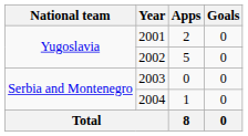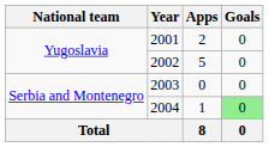 <table class="wikitable" style="text-align:center">
 <tr>
 <th>National team</th>
 <th>Year</th>
 <th>Apps</th>
 <th>Goals</th>
 </tr>
 <tr>
 <td rowspan="2"><a href='#'>Yugoslavia</a></td>
 <td>2001</td>
 <td>2</td>
 <td>0</td>
 </tr>
 <tr>
 <td>2002</td>
 <td>5</td>
 <td>0</td>
 </tr>
 <tr>
 <td rowspan="2"><a href='#'>Serbia and Montenegro</a></td>
 <td>2003</td>
 <td>0</td>
 <td>0</td>
 </tr>
 <tr>
 <td>2004</td>
 <td>1</td>
-<td>0</td>
+<td style="background: lightgreen;">0</td>
 </tr>
 <tr>
 <th colspan="2">Total</th>
 <th>8</th>
 <th>0</th>
 </tr>
 </table>
